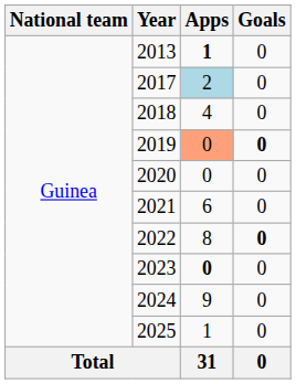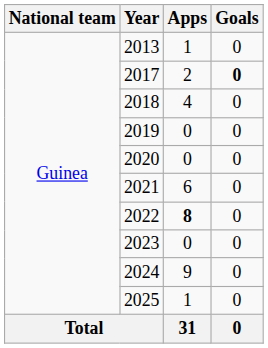 <table class="wikitable" style="text-align:center">
 <tr>
 <th>National team</th>
 <th>Year</th>
 <th>Apps</th>
 <th>Goals</th>
 </tr>
 <tr>
 <td rowspan="10"><a href='#'>Guinea</a></td>
 <td>2013</td>
-<td><strong>1</strong></td>
+<td>1</td>
 <td>0</td>
 </tr>
 <tr>
 <td>2017</td>
-<td style="background: lightblue;">2</td>
-<td>0</td>
+<td>2</td>
+<td><strong>0</strong></td>
 </tr>
 <tr>
 <td>2018</td>
 <td>4</td>
 <td>0</td>
 </tr>
 <tr>
 <td>2019</td>
-<td style="background: lightsalmon;">0</td>
-<td><strong>0</strong></td>
+<td>0</td>
+<td>0</td>
 </tr>
 <tr>
 <td>2020</td>
 <td>0</td>
 <td>0</td>
 </tr>
 <tr>
 <td>2021</td>
 <td>6</td>
 <td>0</td>
 </tr>
 <tr>
 <td>2022</td>
-<td>8</td>
-<td><strong>0</strong></td>
+<td><strong>8</strong></td>
+<td>0</td>
 </tr>
 <tr>
 <td>2023</td>
-<td><strong>0</strong></td>
+<td>0</td>
 <td>0</td>
 </tr>
 <tr>
 <td>2024</td>
 <td>9</td>
 <td>0</td>
 </tr>
 <tr>
 <td>2025</td>
 <td>1</td>
 <td>0</td>
 </tr>
 <tr>
 <th colspan="2">Total</th>
 <th>31</th>
 <th>0</th>
 </tr>
 </table>
